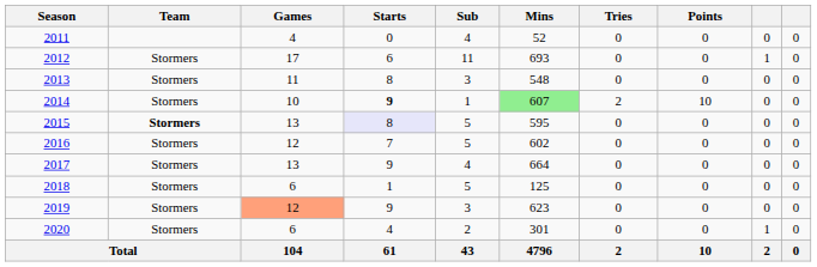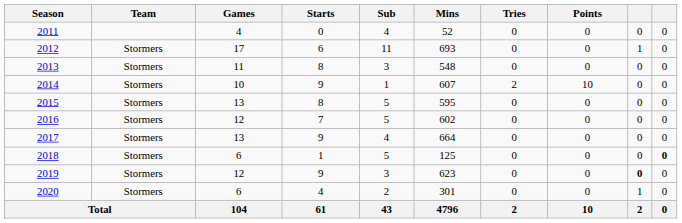 <table class="wikitable" style="text-align:center; font-size:95%; width:75%;">
 <tr>
 <th>Season</th>
 <th>Team</th>
 <th>Games</th>
 <th>Starts</th>
 <th>Sub</th>
 <th>Mins</th>
 <th>Tries</th>
 <th>Points</th>
 <th></th>
 <th></th>
 </tr>
 <tr>
 <td><a href='#'>2011</a></td>
 <td></td>
 <td>4</td>
 <td>0</td>
 <td>4</td>
 <td>52</td>
 <td>0</td>
 <td>0</td>
 <td>0</td>
 <td>0</td>
 </tr>
 <tr>
 <td><a href='#'>2012</a></td>
 <td>Stormers</td>
 <td>17</td>
 <td>6</td>
 <td>11</td>
 <td>693</td>
 <td>0</td>
 <td>0</td>
 <td>1</td>
 <td>0</td>
 </tr>
 <tr>
 <td><a href='#'>2013</a></td>
 <td>Stormers</td>
 <td>11</td>
 <td>8</td>
 <td>3</td>
 <td>548</td>
 <td>0</td>
 <td>0</td>
 <td>0</td>
 <td>0</td>
 </tr>
 <tr>
 <td><a href='#'>2014</a></td>
 <td>Stormers</td>
 <td>10</td>
-<td><strong>9</strong></td>
+<td>9</td>
 <td>1</td>
-<td style="background: lightgreen;">607</td>
+<td>607</td>
 <td>2</td>
 <td>10</td>
 <td>0</td>
 <td>0</td>
 </tr>
 <tr>
 <td><a href='#'>2015</a></td>
-<td><strong>Stormers</strong></td>
+<td>Stormers</td>
 <td>13</td>
-<td style="background: lavender;">8</td>
+<td>8</td>
 <td>5</td>
 <td>595</td>
 <td>0</td>
 <td>0</td>
 <td>0</td>
 <td>0</td>
 </tr>
 <tr>
 <td><a href='#'>2016</a></td>
 <td>Stormers</td>
 <td>12</td>
 <td>7</td>
 <td>5</td>
 <td>602</td>
 <td>0</td>
 <td>0</td>
 <td>0</td>
 <td>0</td>
 </tr>
 <tr>
 <td><a href='#'>2017</a></td>
 <td>Stormers</td>
 <td>13</td>
 <td>9</td>
 <td>4</td>
 <td>664</td>
 <td>0</td>
 <td>0</td>
 <td>0</td>
 <td>0</td>
 </tr>
 <tr>
 <td><a href='#'>2018</a></td>
 <td>Stormers</td>
 <td>6</td>
 <td>1</td>
 <td>5</td>
 <td>125</td>
 <td>0</td>
 <td>0</td>
 <td>0</td>
-<td>0</td>
+<td><strong>0</strong></td>
 </tr>
 <tr>
 <td><a href='#'>2019</a></td>
 <td>Stormers</td>
-<td style="background: lightsalmon;">12</td>
+<td>12</td>
 <td>9</td>
 <td>3</td>
 <td>623</td>
 <td>0</td>
 <td>0</td>
-<td>0</td>
+<td><strong>0</strong></td>
 <td>0</td>
 </tr>
 <tr>
 <td><a href='#'>2020</a></td>
 <td>Stormers</td>
 <td>6</td>
 <td>4</td>
 <td>2</td>
 <td>301</td>
 <td>0</td>
 <td>0</td>
 <td>1</td>
 <td>0</td>
 </tr>
 <tr>
 <th colspan="2">Total</th>
 <th>104</th>
 <th>61</th>
 <th>43</th>
 <th>4796</th>
 <th>2</th>
 <th>10</th>
 <th>2</th>
 <th>0</th>
 </tr>
 </table>
